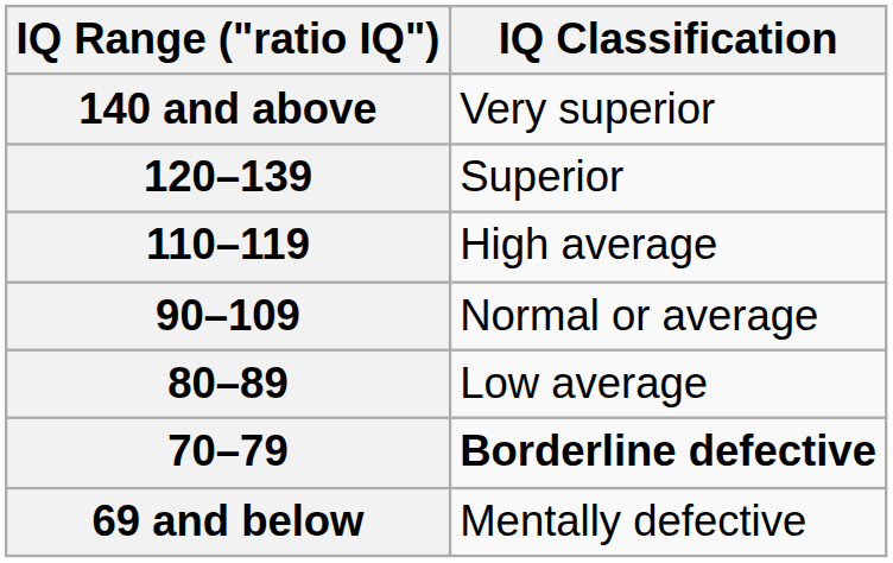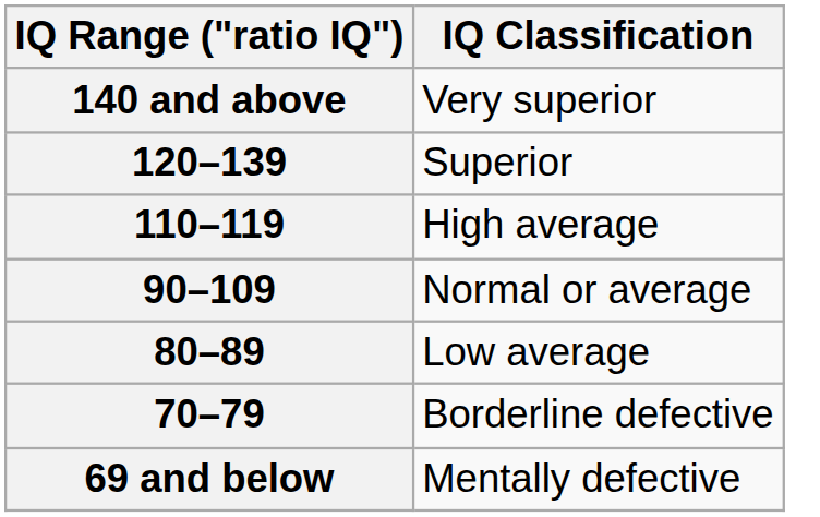 <table class="wikitable">
 <tr>
 <th>IQ Range ("ratio IQ")</th>
 <th>IQ Classification</th>
 </tr>
 <tr>
 <th>140 and above</th>
 <td>Very superior</td>
 </tr>
 <tr>
 <th>120–139</th>
 <td>Superior</td>
 </tr>
 <tr>
 <th>110–119</th>
 <td>High average</td>
 </tr>
 <tr>
 <th>90–109</th>
 <td>Normal or average</td>
 </tr>
 <tr>
 <th>80–89</th>
 <td>Low average</td>
 </tr>
 <tr>
 <th>70–79</th>
-<td><strong>Borderline defective</strong></td>
+<td>Borderline defective</td>
 </tr>
 <tr>
 <th>69 and below</th>
 <td>Mentally defective</td>
 </tr>
 </table>
